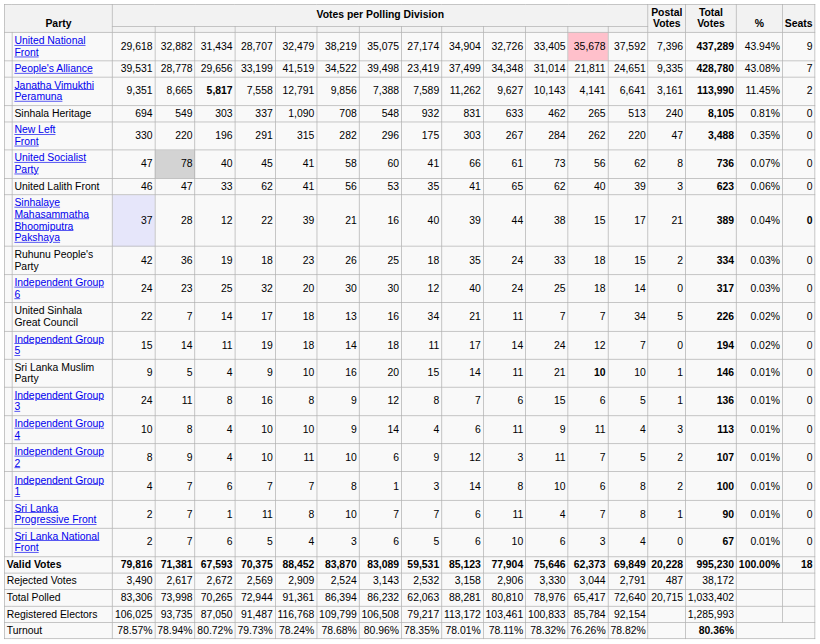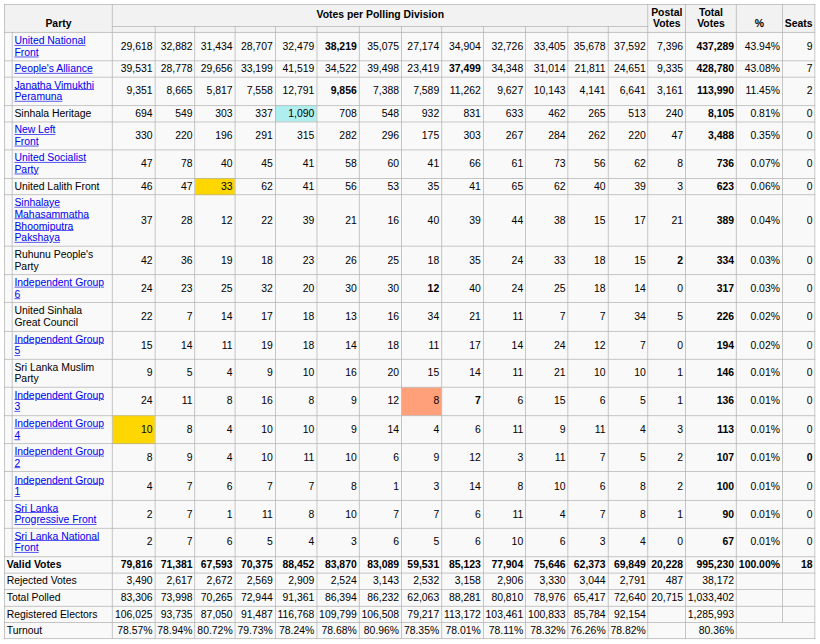 <table class="wikitable" border="1" style="text-align:right;">
 <tr>
 <th align=left valign=bottom rowspan=2 colspan=2>Party</th>
 <th colspan=13>Votes per Polling Division</th>
 <th align=center valign=bottom rowspan=2 width="50">Postal<br>Votes</th>
 <th align=center valign=bottom rowspan=2 width="50">Total Votes</th>
 <th align=center valign=bottom rowspan=2 width="50">%</th>
 <th align=center valign=bottom rowspan=2 width="40">Seats</th>
 </tr>
 <tr>
 <th></th>
 <th></th>
 <th></th>
 <th></th>
 <th></th>
 <th></th>
 <th></th>
 <th></th>
 <th></th>
 <th></th>
 <th></th>
 <th></th>
 <th></th>
 </tr>
 <tr>
 <td bgcolor=> </td>
 <td align=left><a href='#'>United National Front</a></td>
 <td>29,618</td>
 <td>32,882</td>
 <td>31,434</td>
 <td>28,707</td>
 <td>32,479</td>
-<td>38,219</td>
+<td><strong>38,219</strong></td>
 <td>35,075</td>
 <td>27,174</td>
 <td>34,904</td>
 <td>32,726</td>
 <td>33,405</td>
-<td style="background: pink;">35,678</td>
+<td>35,678</td>
 <td>37,592</td>
 <td>7,396</td>
 <td><strong>437,289</strong></td>
 <td>43.94%</td>
 <td>9</td>
 </tr>
 <tr>
 <td bgcolor=> </td>
 <td align=left><a href='#'>People's Alliance</a></td>
 <td>39,531</td>
 <td>28,778</td>
 <td>29,656</td>
 <td>33,199</td>
 <td>41,519</td>
 <td>34,522</td>
 <td>39,498</td>
 <td>23,419</td>
-<td>37,499</td>
+<td><strong>37,499</strong></td>
 <td>34,348</td>
 <td>31,014</td>
 <td>21,811</td>
 <td>24,651</td>
 <td>9,335</td>
 <td><strong>428,780</strong></td>
 <td>43.08%</td>
 <td>7</td>
 </tr>
 <tr>
 <td bgcolor=> </td>
 <td align=left><a href='#'>Janatha Vimukthi Peramuna</a></td>
 <td>9,351</td>
 <td>8,665</td>
-<td><strong>5,817</strong></td>
+<td>5,817</td>
 <td>7,558</td>
 <td>12,791</td>
-<td>9,856</td>
+<td><strong>9,856</strong></td>
 <td>7,388</td>
 <td>7,589</td>
 <td>11,262</td>
 <td>9,627</td>
 <td>10,143</td>
 <td>4,141</td>
 <td>6,641</td>
 <td>3,161</td>
 <td><strong>113,990</strong></td>
 <td>11.45%</td>
 <td>2</td>
 </tr>
 <tr>
 <td bgcolor=> </td>
 <td align=left>Sinhala Heritage</td>
 <td>694</td>
 <td>549</td>
 <td>303</td>
 <td>337</td>
-<td>1,090</td>
+<td style="background: paleturquoise;">1,090</td>
 <td>708</td>
 <td>548</td>
 <td>932</td>
 <td>831</td>
 <td>633</td>
 <td>462</td>
 <td>265</td>
 <td>513</td>
 <td>240</td>
 <td><strong>8,105</strong></td>
 <td>0.81%</td>
 <td>0</td>
 </tr>
 <tr>
 <td bgcolor=> </td>
 <td align=left><a href='#'>New Left<br>Front</a></td>
 <td>330</td>
 <td>220</td>
 <td>196</td>
 <td>291</td>
 <td>315</td>
 <td>282</td>
 <td>296</td>
 <td>175</td>
 <td>303</td>
 <td>267</td>
 <td>284</td>
 <td>262</td>
 <td>220</td>
 <td>47</td>
 <td><strong>3,488</strong></td>
 <td>0.35%</td>
 <td>0</td>
 </tr>
 <tr>
 <td bgcolor=> </td>
 <td align=left><a href='#'>United Socialist Party</a></td>
 <td>47</td>
-<td style="background: lightgrey;">78</td>
+<td>78</td>
 <td>40</td>
 <td>45</td>
 <td>41</td>
 <td>58</td>
 <td>60</td>
 <td>41</td>
 <td>66</td>
 <td>61</td>
 <td>73</td>
 <td>56</td>
 <td>62</td>
 <td>8</td>
 <td><strong>736</strong></td>
 <td>0.07%</td>
 <td>0</td>
 </tr>
 <tr>
 <td bgcolor=> </td>
 <td align=left>United Lalith Front</td>
 <td>46</td>
 <td>47</td>
-<td>33</td>
+<td style="background: gold;">33</td>
 <td>62</td>
 <td>41</td>
 <td>56</td>
 <td>53</td>
 <td>35</td>
 <td>41</td>
 <td>65</td>
 <td>62</td>
 <td>40</td>
 <td>39</td>
 <td>3</td>
 <td><strong>623</strong></td>
 <td>0.06%</td>
 <td>0</td>
 </tr>
 <tr>
 <td bgcolor=> </td>
 <td align=left><a href='#'>Sinhalaye Mahasammatha Bhoomiputra Pakshaya</a></td>
-<td style="background: lavender;">37</td>
+<td>37</td>
 <td>28</td>
 <td>12</td>
 <td>22</td>
 <td>39</td>
 <td>21</td>
 <td>16</td>
 <td>40</td>
 <td>39</td>
 <td>44</td>
 <td>38</td>
 <td>15</td>
 <td>17</td>
 <td>21</td>
 <td><strong>389</strong></td>
 <td>0.04%</td>
-<td><strong>0</strong></td>
+<td>0</td>
 </tr>
 <tr>
 <td bgcolor=> </td>
 <td align=left>Ruhunu People's Party</td>
 <td>42</td>
 <td>36</td>
 <td>19</td>
 <td>18</td>
 <td>23</td>
 <td>26</td>
 <td>25</td>
 <td>18</td>
 <td>35</td>
 <td>24</td>
 <td>33</td>
 <td>18</td>
 <td>15</td>
-<td>2</td>
+<td><strong>2</strong></td>
 <td><strong>334</strong></td>
 <td>0.03%</td>
 <td>0</td>
 </tr>
 <tr>
 <td bgcolor=> </td>
 <td align=left><a href='#'>Independent Group 6</a></td>
 <td>24</td>
 <td>23</td>
 <td>25</td>
 <td>32</td>
 <td>20</td>
 <td>30</td>
 <td>30</td>
-<td>12</td>
+<td><strong>12</strong></td>
 <td>40</td>
 <td>24</td>
 <td>25</td>
 <td>18</td>
 <td>14</td>
 <td>0</td>
 <td><strong>317</strong></td>
 <td>0.03%</td>
 <td>0</td>
 </tr>
 <tr>
 <td bgcolor=> </td>
 <td align=left>United Sinhala Great Council</td>
 <td>22</td>
 <td>7</td>
 <td>14</td>
 <td>17</td>
 <td>18</td>
 <td>13</td>
 <td>16</td>
 <td>34</td>
 <td>21</td>
 <td>11</td>
 <td>7</td>
 <td>7</td>
 <td>34</td>
 <td>5</td>
 <td><strong>226</strong></td>
 <td>0.02%</td>
 <td>0</td>
 </tr>
 <tr>
 <td bgcolor=> </td>
 <td align=left><a href='#'>Independent Group 5</a></td>
 <td>15</td>
 <td>14</td>
 <td>11</td>
 <td>19</td>
 <td>18</td>
 <td>14</td>
 <td>18</td>
 <td>11</td>
 <td>17</td>
 <td>14</td>
 <td>24</td>
 <td>12</td>
 <td>7</td>
 <td>0</td>
 <td><strong>194</strong></td>
 <td>0.02%</td>
 <td>0</td>
 </tr>
 <tr>
 <td bgcolor=> </td>
 <td align=left>Sri Lanka Muslim Party</td>
 <td>9</td>
 <td>5</td>
 <td>4</td>
 <td>9</td>
 <td>10</td>
 <td>16</td>
 <td>20</td>
 <td>15</td>
 <td>14</td>
 <td>11</td>
 <td>21</td>
-<td><strong>10</strong></td>
+<td>10</td>
 <td>10</td>
 <td>1</td>
 <td><strong>146</strong></td>
 <td>0.01%</td>
 <td>0</td>
 </tr>
 <tr>
 <td bgcolor=> </td>
 <td align=left><a href='#'>Independent Group 3</a></td>
 <td>24</td>
 <td>11</td>
 <td>8</td>
 <td>16</td>
 <td>8</td>
 <td>9</td>
 <td>12</td>
-<td>8</td>
-<td>7</td>
+<td style="background: lightsalmon;">8</td>
+<td><strong>7</strong></td>
 <td>6</td>
 <td>15</td>
 <td>6</td>
 <td>5</td>
 <td>1</td>
 <td><strong>136</strong></td>
 <td>0.01%</td>
 <td>0</td>
 </tr>
 <tr>
 <td bgcolor=> </td>
 <td align=left><a href='#'>Independent Group 4</a></td>
-<td>10</td>
+<td style="background: gold;">10</td>
 <td>8</td>
 <td>4</td>
 <td>10</td>
 <td>10</td>
 <td>9</td>
 <td>14</td>
 <td>4</td>
 <td>6</td>
 <td>11</td>
 <td>9</td>
 <td>11</td>
 <td>4</td>
 <td>3</td>
 <td><strong>113</strong></td>
 <td>0.01%</td>
 <td>0</td>
 </tr>
 <tr>
 <td bgcolor=> </td>
 <td align=left><a href='#'>Independent Group 2</a></td>
 <td>8</td>
 <td>9</td>
 <td>4</td>
 <td>10</td>
 <td>11</td>
 <td>10</td>
 <td>6</td>
 <td>9</td>
 <td>12</td>
 <td>3</td>
 <td>11</td>
 <td>7</td>
 <td>5</td>
 <td>2</td>
 <td><strong>107</strong></td>
 <td>0.01%</td>
-<td>0</td>
+<td><strong>0</strong></td>
 </tr>
 <tr>
 <td bgcolor=> </td>
 <td align=left><a href='#'>Independent Group 1</a></td>
 <td>4</td>
 <td>7</td>
 <td>6</td>
 <td>7</td>
 <td>7</td>
 <td>8</td>
 <td>1</td>
 <td>3</td>
 <td>14</td>
 <td>8</td>
 <td>10</td>
 <td>6</td>
 <td>8</td>
 <td>2</td>
 <td><strong>100</strong></td>
 <td>0.01%</td>
 <td>0</td>
 </tr>
 <tr>
 <td bgcolor=> </td>
 <td align=left><a href='#'>Sri Lanka Progressive Front</a></td>
 <td>2</td>
 <td>7</td>
 <td>1</td>
 <td>11</td>
 <td>8</td>
 <td>10</td>
 <td>7</td>
 <td>7</td>
 <td>6</td>
 <td>11</td>
 <td>4</td>
 <td>7</td>
 <td>8</td>
 <td>1</td>
 <td><strong>90</strong></td>
 <td>0.01%</td>
 <td>0</td>
 </tr>
 <tr>
 <td bgcolor=> </td>
 <td align=left><a href='#'>Sri Lanka National Front</a></td>
 <td>2</td>
 <td>7</td>
 <td>6</td>
 <td>5</td>
 <td>4</td>
 <td>3</td>
 <td>6</td>
 <td>5</td>
 <td>6</td>
 <td>10</td>
 <td>6</td>
 <td>3</td>
 <td>4</td>
 <td>0</td>
 <td><strong>67</strong></td>
 <td>0.01%</td>
 <td>0</td>
 </tr>
 <tr>
 <td align=left colspan=2><strong>Valid Votes</strong></td>
 <td><strong>79,816</strong></td>
 <td><strong>71,381</strong></td>
 <td><strong>67,593</strong></td>
 <td><strong>70,375</strong></td>
 <td><strong>88,452</strong></td>
 <td><strong>83,870</strong></td>
 <td><strong>83,089</strong></td>
 <td><strong>59,531</strong></td>
 <td><strong>85,123</strong></td>
 <td><strong>77,904</strong></td>
 <td><strong>75,646</strong></td>
 <td><strong>62,373</strong></td>
 <td><strong>69,849</strong></td>
 <td><strong>20,228</strong></td>
 <td><strong>995,230</strong></td>
 <td><strong>100.00%</strong></td>
 <td><strong>18</strong></td>
 </tr>
 <tr>
 <td align=left colspan=2>Rejected Votes</td>
 <td>3,490</td>
 <td>2,617</td>
 <td>2,672</td>
 <td>2,569</td>
 <td>2,909</td>
 <td>2,524</td>
 <td>3,143</td>
 <td>2,532</td>
 <td>3,158</td>
 <td>2,906</td>
 <td>3,330</td>
 <td>3,044</td>
 <td>2,791</td>
 <td>487</td>
 <td>38,172</td>
 <td></td>
 <td></td>
 </tr>
 <tr>
 <td align=left colspan=2>Total Polled</td>
 <td>83,306</td>
 <td>73,998</td>
 <td>70,265</td>
 <td>72,944</td>
 <td>91,361</td>
 <td>86,394</td>
 <td>86,232</td>
 <td>62,063</td>
 <td>88,281</td>
 <td>80,810</td>
 <td>78,976</td>
 <td>65,417</td>
 <td>72,640</td>
 <td>20,715</td>
 <td>1,033,402</td>
 <td></td>
 <td></td>
 </tr>
 <tr>
 <td align=left colspan=2>Registered Electors</td>
 <td>106,025</td>
 <td>93,735</td>
 <td>87,050</td>
 <td>91,487</td>
 <td>116,768</td>
 <td>109,799</td>
 <td>106,508</td>
 <td>79,217</td>
 <td>113,172</td>
 <td>103,461</td>
 <td>100,833</td>
 <td>85,784</td>
 <td>92,154</td>
 <td></td>
 <td>1,285,993</td>
 <td></td>
 <td></td>
 </tr>
 <tr>
 <td align=left colspan=2>Turnout</td>
 <td>78.57%</td>
 <td>78.94%</td>
 <td>80.72%</td>
 <td>79.73%</td>
 <td>78.24%</td>
 <td>78.68%</td>
 <td>80.96%</td>
 <td>78.35%</td>
 <td>78.01%</td>
 <td>78.11%</td>
 <td>78.32%</td>
 <td>76.26%</td>
 <td>78.82%</td>
 <td></td>
-<td><strong>80.36%</strong></td>
+<td>80.36%</td>
 </tr>
 </table>
